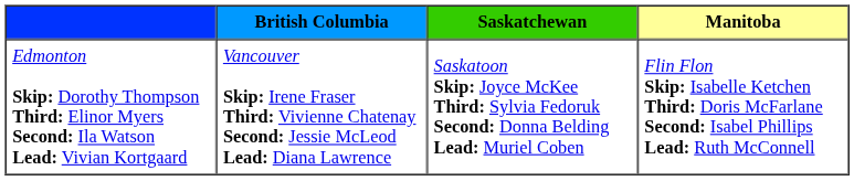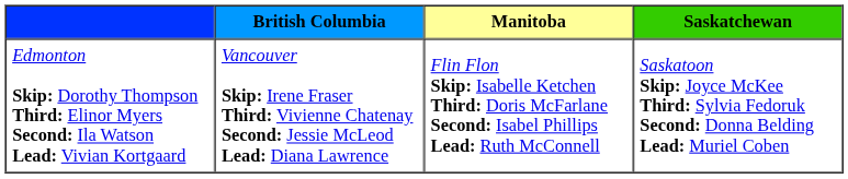 <table border=1 cellpadding=5 cellspacing=0>
 <tr>
 <th bgcolor="#0033ff" width="175"></th>
 <th bgcolor="#0099ff" width="175">British Columbia</th>
+<th bgcolor="#ffff99" width="175">Manitoba</th>
 <th bgcolor="#33cc00" width="175">Saskatchewan</th>
-<th bgcolor="#ffff99" width="175">Manitoba</th>
 </tr>
 <tr>
 <td><em><a href='#'>Edmonton</a></em><br><br><strong>Skip:</strong> <a href='#'>Dorothy Thompson</a> <br> <strong>Third:</strong> <a href='#'>Elinor Myers</a> <br> <strong>Second:</strong> <a href='#'>Ila Watson</a> <br> <strong>Lead:</strong> <a href='#'>Vivian Kortgaard</a></td>
 <td><em><a href='#'>Vancouver</a></em> <br><br><strong>Skip:</strong> <a href='#'>Irene Fraser</a> <br> <strong>Third:</strong> <a href='#'>Vivienne Chatenay</a> <br> <strong>Second:</strong> <a href='#'>Jessie McLeod</a> <br> <strong>Lead:</strong> <a href='#'>Diana Lawrence</a></td>
+<td><em><a href='#'>Flin Flon</a></em><br><strong>Skip:</strong> <a href='#'>Isabelle Ketchen</a> <br> <strong>Third:</strong> <a href='#'>Doris McFarlane</a> <br> <strong>Second:</strong> <a href='#'>Isabel Phillips</a> <br> <strong>Lead:</strong> <a href='#'>Ruth McConnell</a></td>
 <td><em><a href='#'>Saskatoon</a></em><br><strong>Skip:</strong> <a href='#'>Joyce McKee</a> <br> <strong>Third:</strong> <a href='#'>Sylvia Fedoruk</a> <br> <strong>Second:</strong> <a href='#'>Donna Belding</a> <br> <strong>Lead:</strong> <a href='#'>Muriel Coben</a></td>
-<td><em><a href='#'>Flin Flon</a></em><br><strong>Skip:</strong> <a href='#'>Isabelle Ketchen</a> <br> <strong>Third:</strong> <a href='#'>Doris McFarlane</a> <br> <strong>Second:</strong> <a href='#'>Isabel Phillips</a> <br> <strong>Lead:</strong> <a href='#'>Ruth McConnell</a></td>
 </tr>
 </table>
